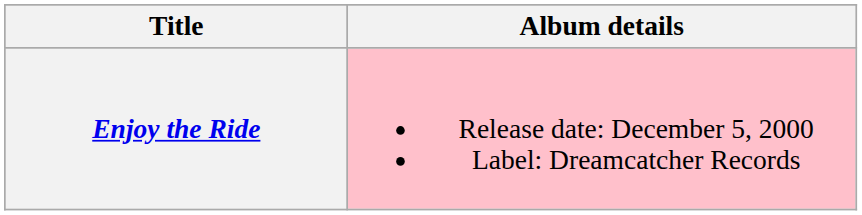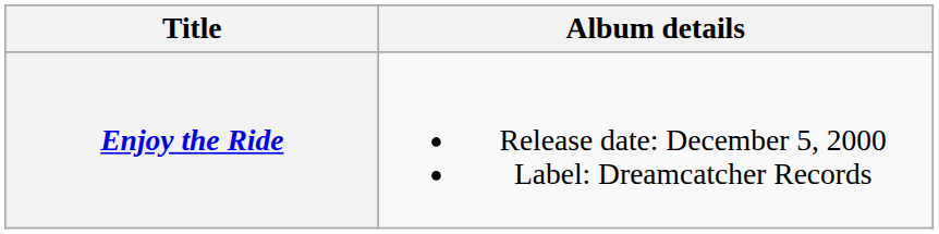 <table class="wikitable plainrowheaders" style="text-align:center;">
 <tr>
 <th style="width:12em;">Title</th>
 <th style="width:18em;">Album details</th>
 </tr>
 <tr>
 <th scope="row"><em><a href='#'>Enjoy the Ride</a></em></th>
-<td style="background: pink;"><br><ul><li>Release date: December 5, 2000</li><li>Label: Dreamcatcher Records</li></ul></td>
+<td><br><ul><li>Release date: December 5, 2000</li><li>Label: Dreamcatcher Records</li></ul></td>
 </tr>
 </table>
